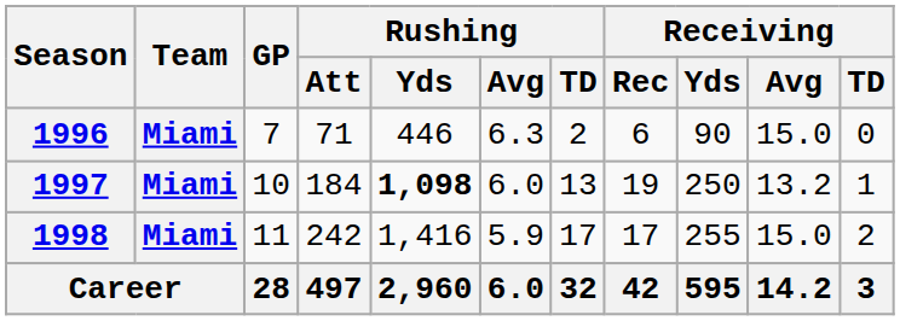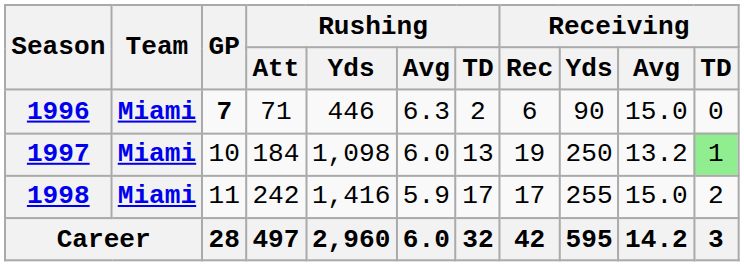 <table class="wikitable" style="text-align:center;">
 <tr>
 <th rowspan="2">Season</th>
 <th rowspan="2">Team</th>
 <th rowspan="2">GP</th>
 <th colspan="4">Rushing</th>
 <th colspan="4">Receiving</th>
 </tr>
 <tr>
 <th>Att</th>
 <th>Yds</th>
 <th>Avg</th>
 <th>TD</th>
 <th>Rec</th>
 <th>Yds</th>
 <th>Avg</th>
 <th>TD</th>
 </tr>
 <tr>
 <th><a href='#'>1996</a></th>
 <th><a href='#'>Miami</a></th>
-<td>7</td>
+<td><strong>7</strong></td>
 <td>71</td>
 <td>446</td>
 <td>6.3</td>
 <td>2</td>
 <td>6</td>
 <td>90</td>
 <td>15.0</td>
 <td>0</td>
 </tr>
 <tr>
 <th><a href='#'>1997</a></th>
 <th><a href='#'>Miami</a></th>
 <td>10</td>
 <td>184</td>
-<td><strong>1,098</strong></td>
+<td>1,098</td>
 <td>6.0</td>
 <td>13</td>
 <td>19</td>
 <td>250</td>
 <td>13.2</td>
-<td>1</td>
+<td style="background: lightgreen;">1</td>
 </tr>
 <tr>
 <th><a href='#'>1998</a></th>
 <th><a href='#'>Miami</a></th>
 <td>11</td>
 <td>242</td>
 <td>1,416</td>
 <td>5.9</td>
 <td>17</td>
 <td>17</td>
 <td>255</td>
 <td>15.0</td>
 <td>2</td>
 </tr>
 <tr>
 <th colspan="2">Career</th>
 <th>28</th>
 <th>497</th>
 <th>2,960</th>
 <th>6.0</th>
 <th>32</th>
 <th>42</th>
 <th>595</th>
 <th>14.2</th>
 <th>3</th>
 </tr>
 </table>
